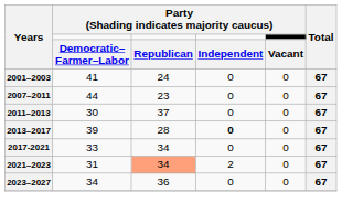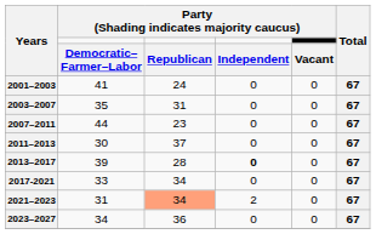 <table class="wikitable" style="text-align:center">
 <tr>
 <th rowspan="3">Years</th>
 <th colspan="4">Party<div>(Shading indicates majority caucus)</div></th>
 <th rowspan="3">Total</th>
 </tr>
 <tr style="height:5px">
 <td style="background-color:"></td>
 <td style="background-color:"></td>
 <td style="background-color:"></td>
 <td style="background-color:black"></td>
 </tr>
 <tr>
 <th><a href='#'>Democratic–<br>Farmer–Labor</a></th>
 <th><a href='#'>Republican</a></th>
 <th><a href='#'>Independent</a></th>
 <th>Vacant</th>
 </tr>
 <tr>
 <th nowrap="" style="font-size:80%">2001–2003</th>
 <td>41</td>
 <td>24</td>
+<td>0</td>
+<td>0</td>
+<th>67</th>
+</tr>
+<tr>
+<th nowrap="" style="font-size:80%">2003–2007</th>
+<td>35</td>
+<td>31</td>
 <td>0</td>
 <td>0</td>
 <th>67</th>
 </tr>
 <tr>
 <th nowrap="" style="font-size:80%">2007–2011</th>
 <td>44</td>
 <td>23</td>
 <td>0</td>
 <td>0</td>
 <th>67</th>
 </tr>
 <tr>
 <th nowrap="" style="font-size:80%">2011–2013</th>
 <td>30</td>
 <td>37</td>
 <td>0</td>
 <td>0</td>
 <th>67</th>
 </tr>
 <tr>
 <th nowrap="" style="font-size:80%">2013–2017</th>
 <td>39</td>
 <td>28</td>
 <td><strong>0</strong></td>
 <td>0</td>
 <th>67</th>
 </tr>
 <tr>
 <th nowrap="" style="font-size:80%">2017-2021</th>
 <td>33</td>
 <td>34</td>
 <td>0</td>
 <td>0</td>
 <th>67</th>
 </tr>
 <tr>
 <th nowrap="" style="font-size:80%">2021–2023</th>
 <td>31</td>
 <td style="background: lightsalmon;">34</td>
 <td>2</td>
 <td>0</td>
 <th>67</th>
 </tr>
 <tr>
 <th nowrap="" style="font-size:80%">2023–2027</th>
 <td>34</td>
 <td>36</td>
 <td>0</td>
 <td>0</td>
 <th>67</th>
 </tr>
 <tr>
 </tr>
 </table>
